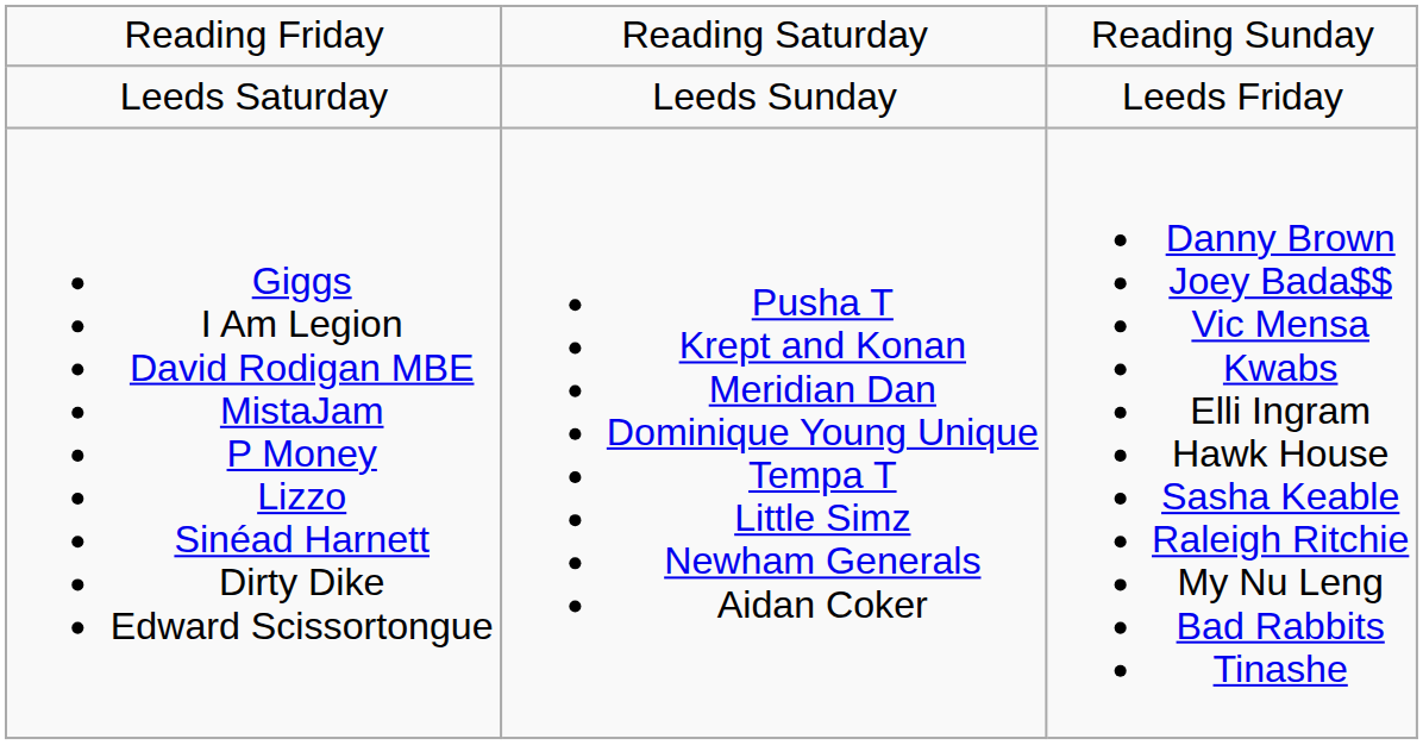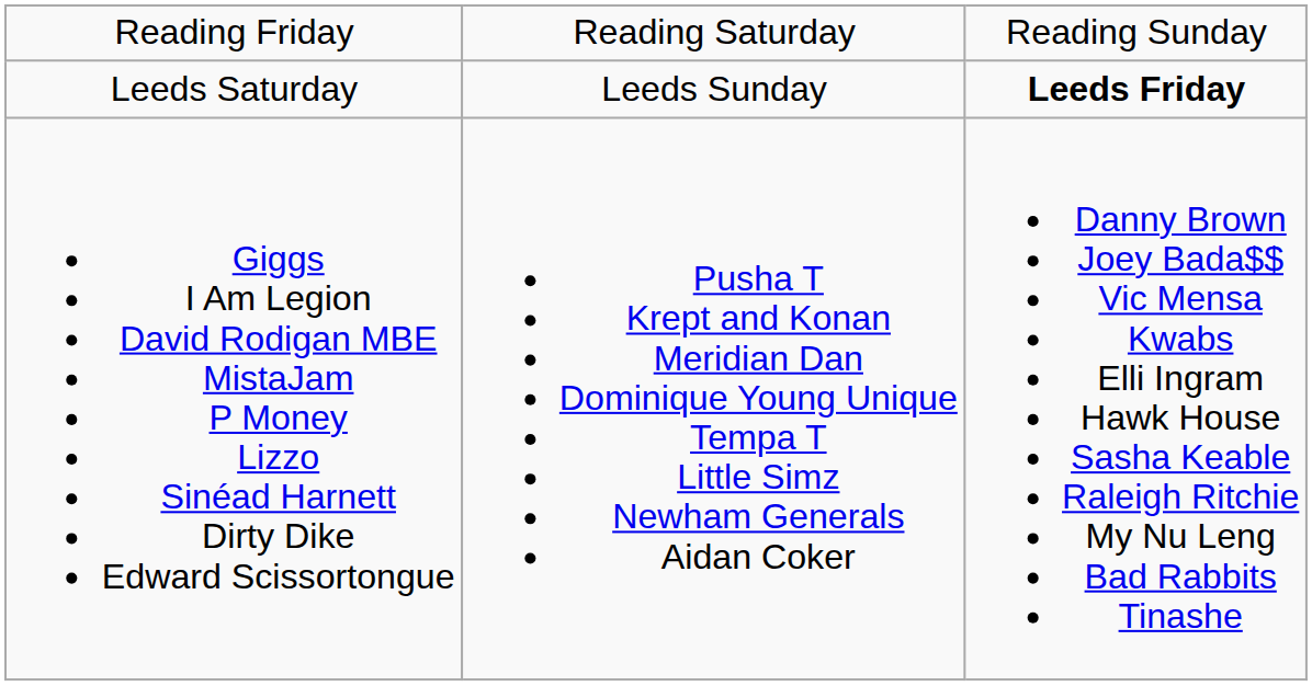 <table class="wikitable" style="text-align:center;">
 <tr>
 <td>Reading Friday</td>
 <td>Reading Saturday</td>
 <td>Reading Sunday</td>
 </tr>
 <tr>
 <td>Leeds Saturday</td>
 <td>Leeds Sunday</td>
-<td>Leeds Friday</td>
+<td><strong>Leeds Friday</strong></td>
 </tr>
 <tr>
 <td><br><ul><li><a href='#'>Giggs</a></li><li>I Am Legion</li><li><a href='#'>David Rodigan MBE</a></li><li><a href='#'>MistaJam</a></li><li><a href='#'>P Money</a></li><li><a href='#'>Lizzo</a></li><li><a href='#'>Sinéad Harnett</a></li><li>Dirty Dike</li><li>Edward Scissortongue</li></ul></td>
 <td><br><ul><li><a href='#'>Pusha T</a></li><li><a href='#'>Krept and Konan</a></li><li><a href='#'>Meridian Dan</a></li><li><a href='#'>Dominique Young Unique</a></li><li><a href='#'>Tempa T</a></li><li><a href='#'>Little Simz</a></li><li><a href='#'>Newham Generals</a></li><li>Aidan Coker</li></ul></td>
 <td><br><ul><li><a href='#'>Danny Brown</a></li><li><a href='#'>Joey Bada$$</a></li><li><a href='#'>Vic Mensa</a></li><li><a href='#'>Kwabs</a></li><li>Elli Ingram</li><li>Hawk House</li><li><a href='#'>Sasha Keable</a></li><li><a href='#'>Raleigh Ritchie</a></li><li>My Nu Leng</li><li><a href='#'>Bad Rabbits</a></li><li><a href='#'>Tinashe</a></li></ul></td>
 </tr>
 </table>
